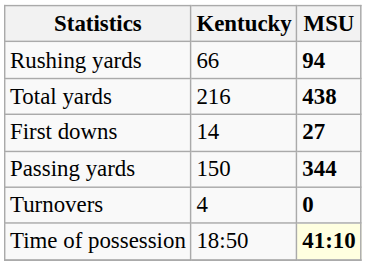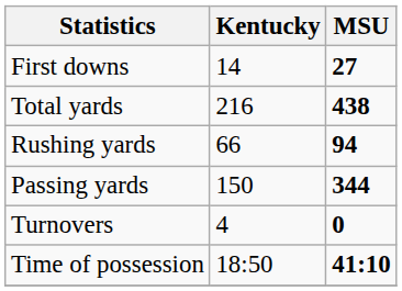 <table class="wikitable" style="float: left;">
 <tr>
 <th>Statistics</th>
 <th>Kentucky</th>
 <th>MSU</th>
 </tr>
 <tr>
-<td>Rushing yards</td>
-<td>66</td>
-<td><strong>94</strong></td>
+<td>First downs</td>
+<td>14</td>
+<td><strong>27</strong></td>
 </tr>
 <tr>
 <td>Total yards</td>
 <td>216</td>
 <td><strong>438</strong></td>
 </tr>
 <tr>
-<td>First downs</td>
-<td>14</td>
-<td><strong>27</strong></td>
+<td>Rushing yards</td>
+<td>66</td>
+<td><strong>94</strong></td>
 </tr>
 <tr>
 <td>Passing yards</td>
 <td>150</td>
 <td><strong>344</strong></td>
 </tr>
 <tr>
 <td>Turnovers</td>
 <td>4</td>
 <td><strong>0</strong></td>
 </tr>
 <tr>
 <td>Time of possession</td>
 <td>18:50</td>
-<td style="background: lightyellow;"><strong>41:10</strong></td>
+<td><strong>41:10</strong></td>
 </tr>
 <tr>
 </tr>
 </table>
